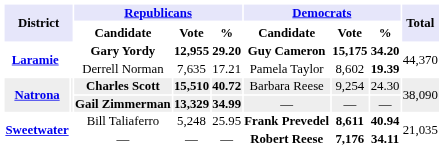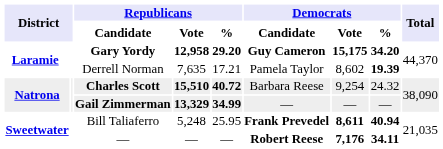 <table class="toccolours sortable" style="text-align:center;">
 <tr style="background:lavender">
 <th rowspan="3" colspan="3">District</th>
 <th colspan=3><a href='#'>Republicans</a></th>
 <th colspan=3><a href='#'>Democrats</a></th>
 <th rowspan="3">Total</th>
 </tr>
 <tr>
 <th colspan=3 style="background-color:"></th>
 <th colspan=3 style="background-color:"></th>
 </tr>
 <tr>
 <th align="center">Candidate</th>
 <th align="center">Vote</th>
 <th align="center">%</th>
 <th align="center">Candidate</th>
 <th align="center">Vote</th>
 <th align="center">%</th>
 </tr>
 <tr>
 <th rowspan=2><a href='#'>Laramie</a></th>
 <td rowspan=2 style="background-color:"></td>
 <td rowspan=2 style="background-color:"></td>
 <td><strong>Gary Yordy</strong></td>
-<td><strong>12,955</strong></td>
+<td><strong>12,958</strong></td>
 <td><strong>29.20</strong></td>
 <td><strong>Guy Cameron</strong></td>
 <td><strong>15,175</strong></td>
 <td><strong>34.20</strong></td>
 <td rowspan=2>44,370</td>
 </tr>
 <tr>
 <td>Derrell Norman</td>
 <td>7,635</td>
 <td>17.21</td>
 <td>Pamela Taylor</td>
 <td>8,602</td>
 <td><strong>19.39</strong></td>
 </tr>
 <tr style="background:#EEEEEE;">
 <th rowspan=2 colspan=2><a href='#'>Natrona</a></th>
 <td rowspan=2 style="background-color:"></td>
 <td><strong>Charles Scott</strong></td>
 <td><strong>15,510</strong></td>
 <td><strong>40.72</strong></td>
 <td>Barbara Reese</td>
 <td>9,254</td>
-<td>24.30</td>
+<td>24.32</td>
 <td rowspan=2>38,090</td>
 </tr>
 <tr style="background:#EEEEEE;">
 <td><strong>Gail Zimmerman</strong></td>
 <td><strong>13,329</strong></td>
 <td><strong>34.99</strong></td>
 <td>—</td>
 <td>—</td>
 <td>—</td>
 </tr>
 <tr>
 <th rowspan=2 colspan=2><a href='#'>Sweetwater</a></th>
 <td rowspan=2 style="background-color:"></td>
 <td>Bill Taliaferro</td>
 <td>5,248</td>
 <td>25.95</td>
 <td><strong>Frank Prevedel</strong></td>
 <td><strong>8,611</strong></td>
 <td><strong>40.94</strong></td>
 <td rowspan=2>21,035</td>
 </tr>
 <tr>
 <td>—</td>
 <td>—</td>
 <td>—</td>
 <td><strong>Robert Reese</strong></td>
 <td><strong>7,176</strong></td>
 <td><strong>34.11</strong></td>
 </tr>
 </table>
